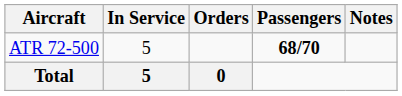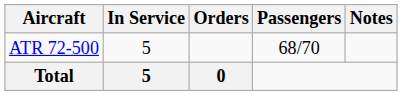 <table class="wikitable" style="margin:1em auto; border-collapse:collapse;text-align:center;">
 <tr>
 <th>Aircraft</th>
 <th>In Service</th>
 <th>Orders</th>
 <th>Passengers</th>
 <th>Notes</th>
 </tr>
 <tr>
 <td><a href='#'>ATR 72-500</a></td>
 <td>5</td>
 <td></td>
-<td><strong>68/70</strong></td>
+<td>68/70</td>
 <td></td>
 </tr>
 <tr>
 <th>Total</th>
 <th>5</th>
 <th>0</th>
 </tr>
 </table>
